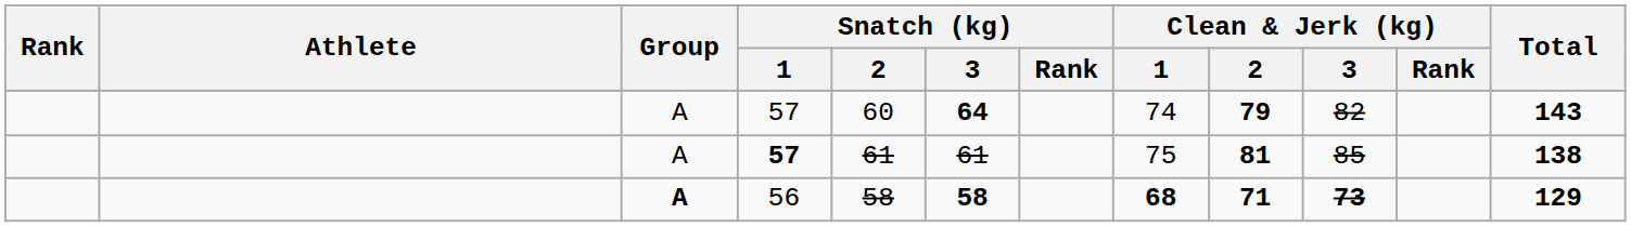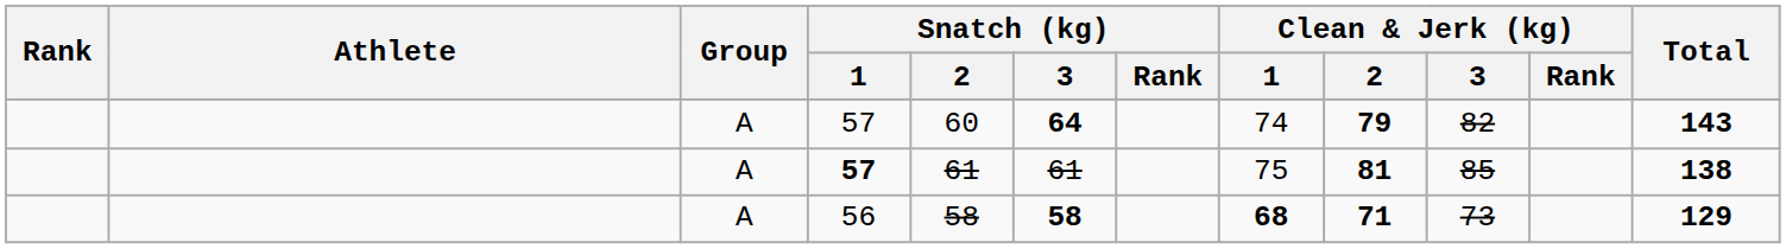 <table class = "wikitable" style="text-align:center;">
 <tr>
 <th rowspan=2 width=40>Rank</th>
 <th rowspan=2 width=250>Athlete</th>
 <th rowspan=2 width=50>Group</th>
 <th colspan=4>Snatch (kg)</th>
 <th colspan=4>Clean & Jerk (kg)</th>
 <th rowspan=2 width=60>Total</th>
 </tr>
 <tr>
 <th width=40>1</th>
 <th width=40>2</th>
 <th width=40>3</th>
 <th width=40>Rank</th>
 <th width=40>1</th>
 <th width=40>2</th>
 <th width=40>3</th>
 <th width=40>Rank</th>
 </tr>
 <tr>
 <td></td>
 <td align=left></td>
 <td>A</td>
 <td>57</td>
 <td>60</td>
 <td><strong>64</strong></td>
 <td></td>
 <td>74</td>
 <td><strong>79</strong></td>
 <td><s>82</s></td>
 <td></td>
 <td><strong>143</strong></td>
 </tr>
 <tr>
 <td></td>
 <td align=left></td>
 <td>A</td>
 <td><strong>57</strong></td>
 <td><s>61</s></td>
 <td><s>61</s></td>
 <td></td>
 <td>75</td>
 <td><strong>81</strong></td>
 <td><s>85</s></td>
 <td></td>
 <td><strong>138</strong></td>
 </tr>
 <tr>
 <td></td>
 <td align=left></td>
-<td><strong>A</strong></td>
+<td>A</td>
 <td>56</td>
 <td><s>58</s></td>
 <td><strong>58</strong></td>
 <td></td>
 <td><strong>68</strong></td>
 <td><strong>71</strong></td>
-<td><strong><s>73</s></strong></td>
+<td><s>73</s></td>
 <td></td>
 <td><strong>129</strong></td>
 </tr>
 </table>
